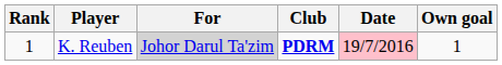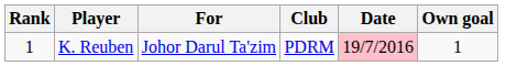 <table class="wikitable" style="text-align:center">
 <tr>
 <th>Rank</th>
 <th>Player</th>
 <th>For</th>
 <th>Club</th>
 <th>Date</th>
 <th>Own goal</th>
 </tr>
 <tr>
 </tr>
 <tr>
 <td rowspan="1">1</td>
 <td align="left"> <a href='#'>K. Reuben</a></td>
-<td align="left" style="background: lightgrey;"><a href='#'>Johor Darul Ta'zim</a></td>
-<td align="left"><strong><a href='#'>PDRM</a></strong></td>
+<td align="left"><a href='#'>Johor Darul Ta'zim</a></td>
+<td align="left"><a href='#'>PDRM</a></td>
 <td align="left" style="background: pink;">19/7/2016</td>
 <td rowspan="1">1</td>
 </tr>
 <tr>
 </tr>
 </table>
